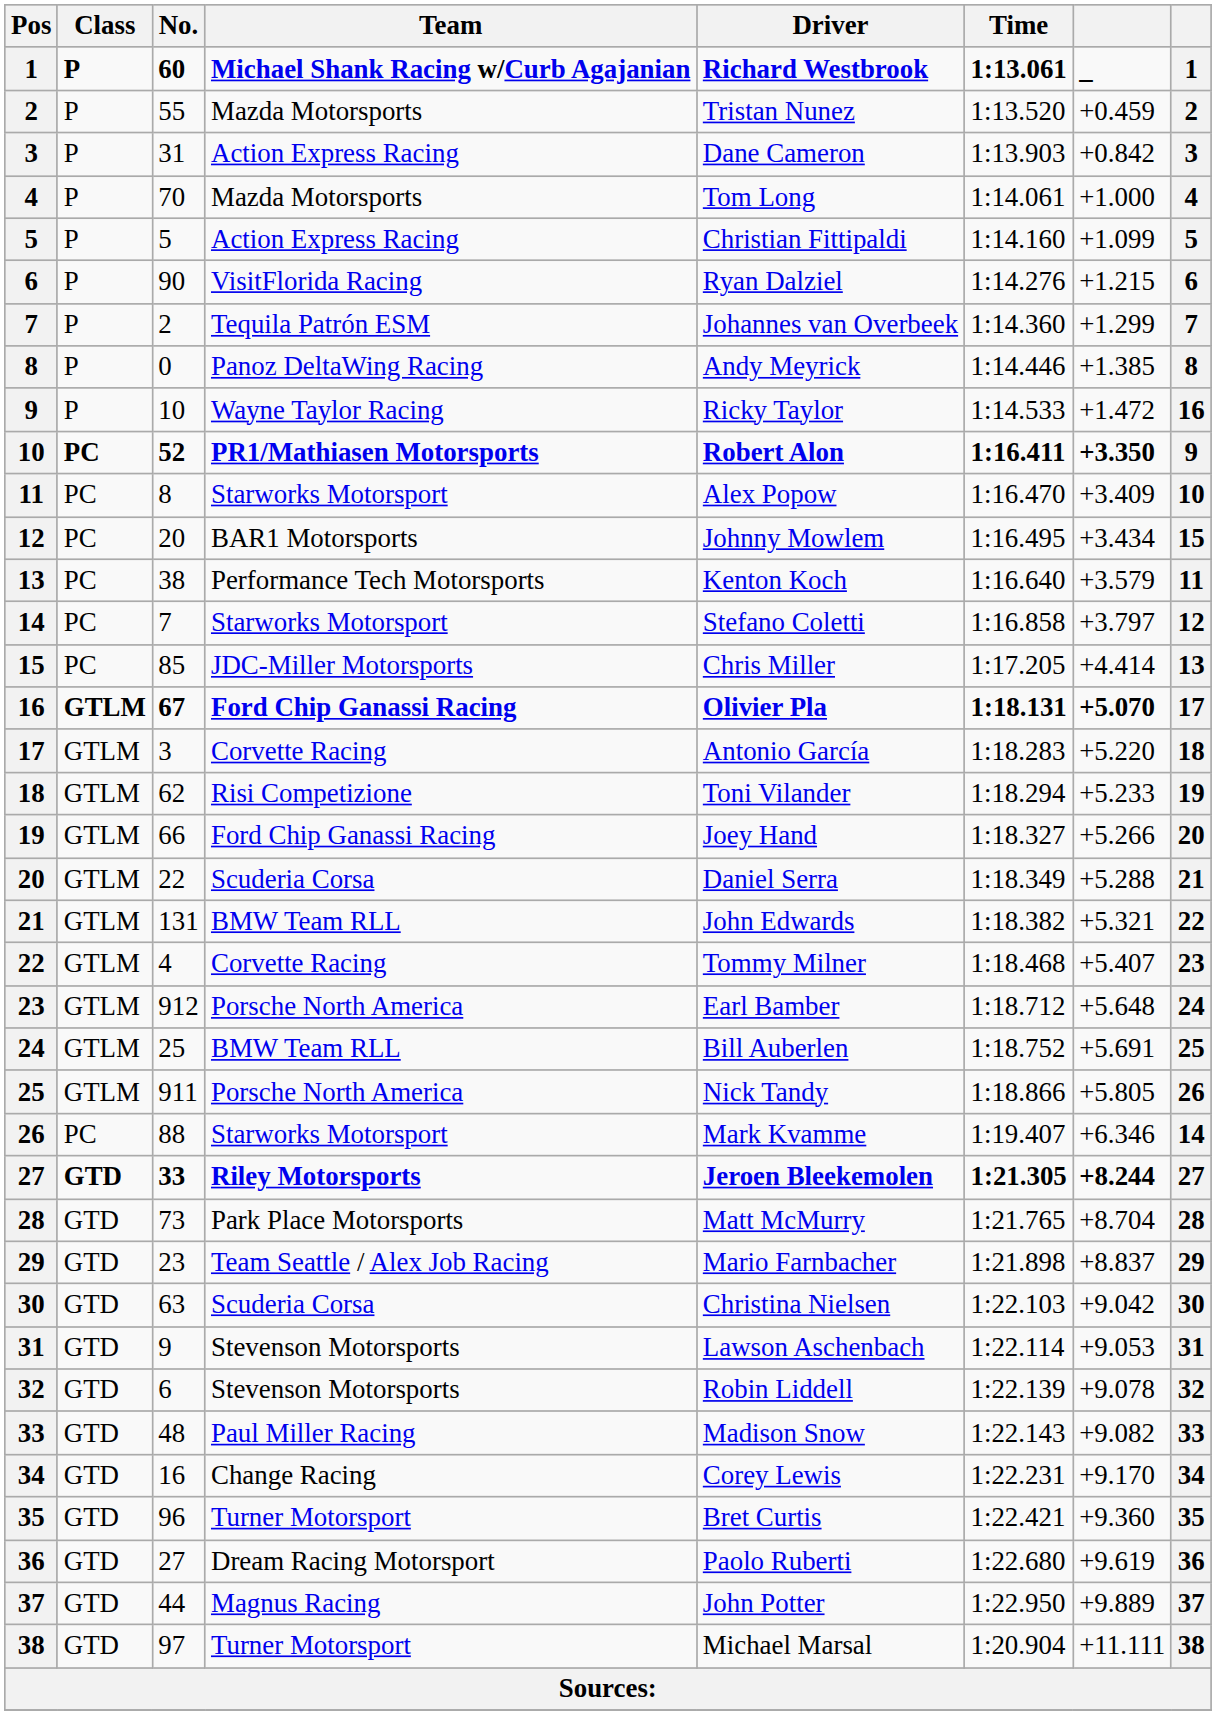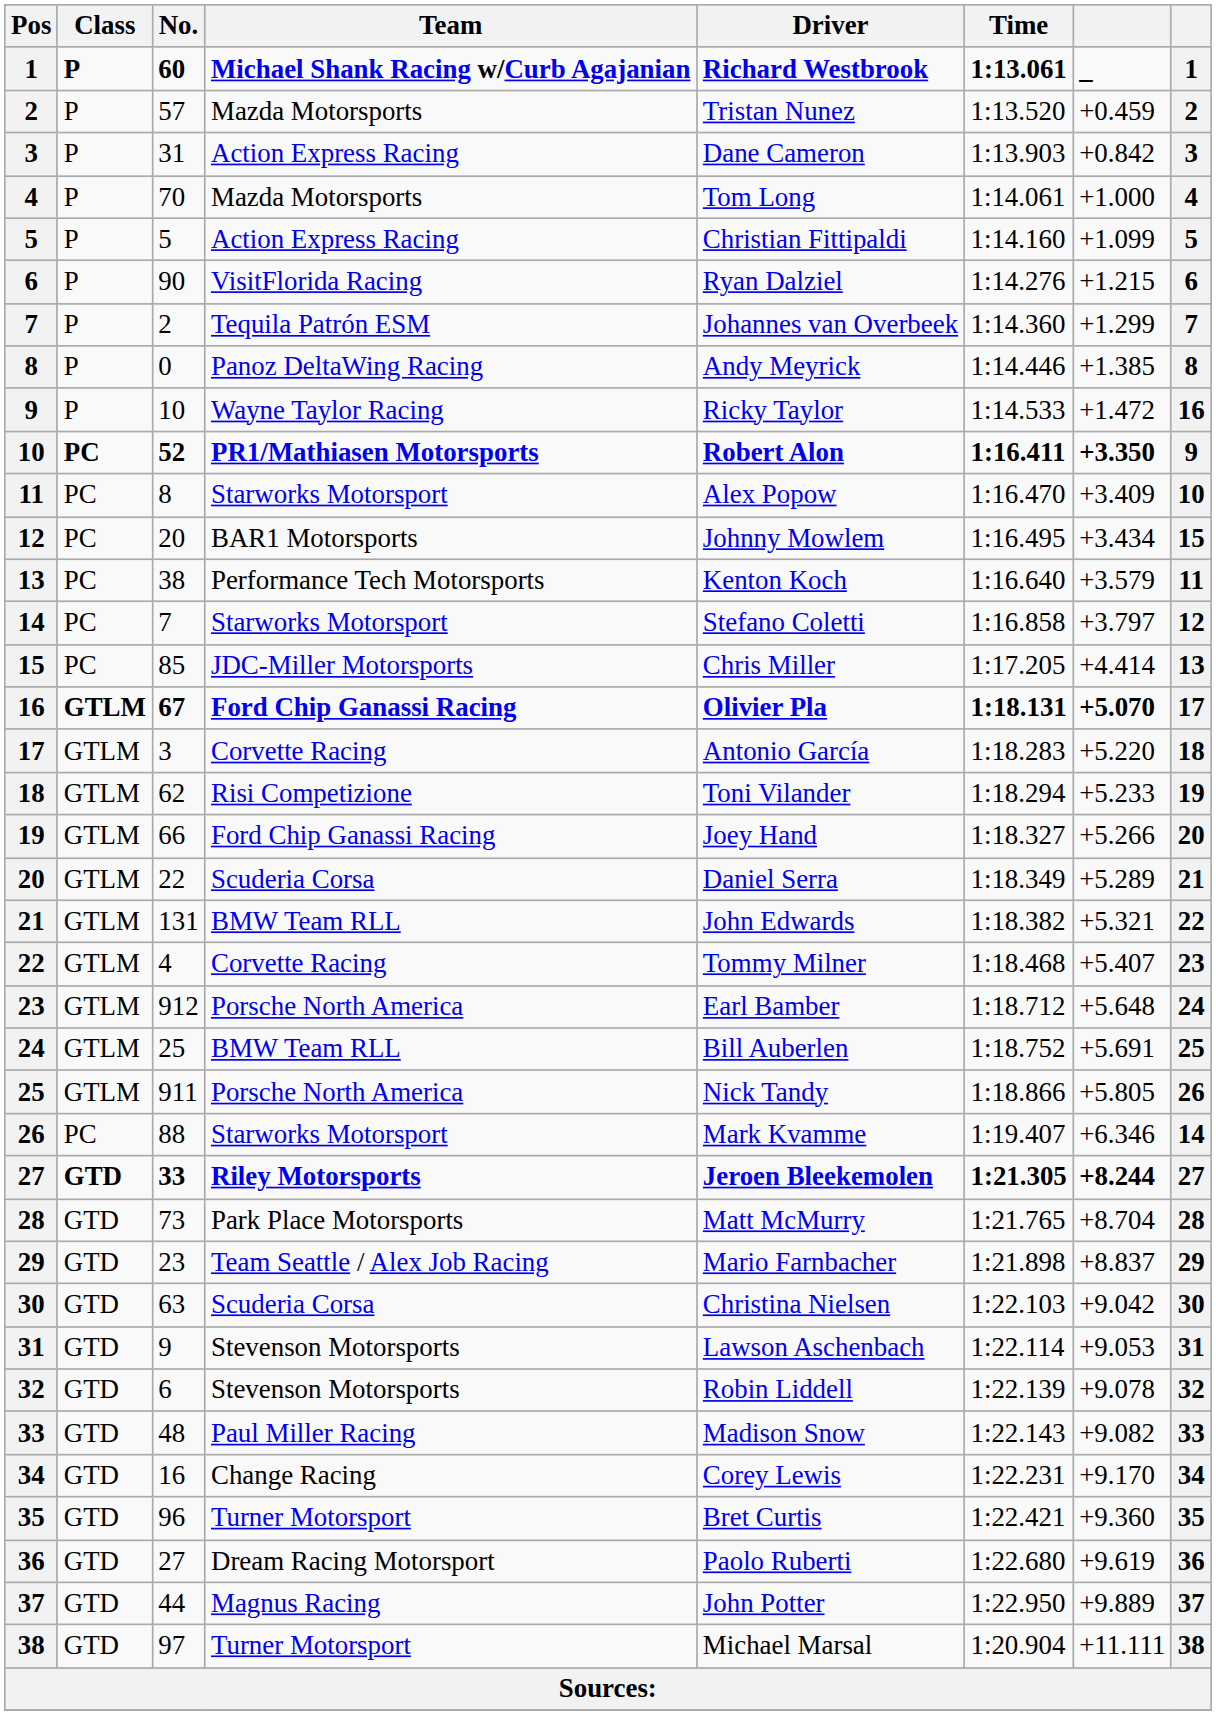 <table class="wikitable">
 <tr>
 <th><strong>Pos</strong></th>
 <th>Class</th>
 <th>No.</th>
 <th>Team</th>
 <th>Driver</th>
 <th>Time</th>
 <th scope="col"></th>
 <th scope="col"></th>
 </tr>
 <tr>
 <th><strong>1</strong></th>
 <td><strong>P</strong></td>
 <td><strong>60</strong></td>
 <td> <strong><a href='#'>Michael Shank Racing</a> w/<a href='#'>Curb Agajanian</a></strong></td>
 <td> <strong><a href='#'>Richard Westbrook</a></strong></td>
 <td><strong>1:13.061</strong></td>
 <td><strong>_</strong></td>
 <th>1</th>
 </tr>
 <tr>
 <th>2</th>
 <td>P</td>
-<td>55</td>
+<td>57</td>
 <td> Mazda Motorsports</td>
 <td> <a href='#'>Tristan Nunez</a></td>
 <td>1:13.520</td>
 <td>+0.459</td>
 <th>2</th>
 </tr>
 <tr>
 <th>3</th>
 <td>P</td>
 <td>31</td>
 <td> <a href='#'>Action Express Racing</a></td>
 <td> <a href='#'>Dane Cameron</a></td>
 <td>1:13.903</td>
 <td>+0.842</td>
 <th>3</th>
 </tr>
 <tr>
 <th>4</th>
 <td>P</td>
 <td>70</td>
 <td> Mazda Motorsports</td>
 <td> <a href='#'>Tom Long</a></td>
 <td>1:14.061</td>
 <td>+1.000</td>
 <th>4</th>
 </tr>
 <tr>
 <th>5</th>
 <td>P</td>
 <td>5</td>
 <td> <a href='#'>Action Express Racing</a></td>
 <td> <a href='#'>Christian Fittipaldi</a></td>
 <td>1:14.160</td>
 <td>+1.099</td>
 <th>5</th>
 </tr>
 <tr>
 <th>6</th>
 <td>P</td>
 <td>90</td>
 <td> <a href='#'>VisitFlorida Racing</a></td>
 <td> <a href='#'>Ryan Dalziel</a></td>
 <td>1:14.276</td>
 <td>+1.215</td>
 <th>6</th>
 </tr>
 <tr>
 <th>7</th>
 <td>P</td>
 <td>2</td>
 <td> <a href='#'>Tequila Patrón ESM</a></td>
 <td> <a href='#'>Johannes van Overbeek</a></td>
 <td>1:14.360</td>
 <td>+1.299</td>
 <th>7</th>
 </tr>
 <tr>
 <th>8</th>
 <td>P</td>
 <td>0</td>
 <td> <a href='#'>Panoz DeltaWing Racing</a></td>
 <td> <a href='#'>Andy Meyrick</a></td>
 <td>1:14.446</td>
 <td>+1.385</td>
 <th>8</th>
 </tr>
 <tr>
 <th>9</th>
 <td>P</td>
 <td>10</td>
 <td> <a href='#'>Wayne Taylor Racing</a></td>
 <td> <a href='#'>Ricky Taylor</a></td>
 <td>1:14.533</td>
 <td>+1.472</td>
 <th>16</th>
 </tr>
 <tr>
 <th>10</th>
 <td><strong>PC</strong></td>
 <td><strong>52</strong></td>
 <td> <strong><a href='#'>PR1/Mathiasen Motorsports</a></strong></td>
 <td> <strong><a href='#'>Robert Alon</a></strong></td>
 <td><strong>1:16.411</strong></td>
 <td><strong>+3.350</strong></td>
 <th>9</th>
 </tr>
 <tr>
 <th>11</th>
 <td>PC</td>
 <td>8</td>
 <td> <a href='#'>Starworks Motorsport</a></td>
 <td> <a href='#'>Alex Popow</a></td>
 <td>1:16.470</td>
 <td>+3.409</td>
 <th>10</th>
 </tr>
 <tr>
 <th>12</th>
 <td>PC</td>
 <td>20</td>
 <td> BAR1 Motorsports</td>
 <td> <a href='#'>Johnny Mowlem</a></td>
 <td>1:16.495</td>
 <td>+3.434</td>
 <th>15</th>
 </tr>
 <tr>
 <th>13</th>
 <td>PC</td>
 <td>38</td>
 <td> Performance Tech Motorsports</td>
 <td> <a href='#'>Kenton Koch</a></td>
 <td>1:16.640</td>
 <td>+3.579</td>
 <th>11</th>
 </tr>
 <tr>
 <th>14</th>
 <td>PC</td>
 <td>7</td>
 <td> <a href='#'>Starworks Motorsport</a></td>
 <td> <a href='#'>Stefano Coletti</a></td>
 <td>1:16.858</td>
 <td>+3.797</td>
 <th>12</th>
 </tr>
 <tr>
 <th>15</th>
 <td>PC</td>
 <td>85</td>
 <td> <a href='#'>JDC-Miller Motorsports</a></td>
 <td> <a href='#'>Chris Miller</a></td>
 <td>1:17.205</td>
 <td>+4.414</td>
 <th>13</th>
 </tr>
 <tr>
 <th><strong>16</strong></th>
 <td><strong>GTLM</strong></td>
 <td><strong>67</strong></td>
 <td> <strong><a href='#'>Ford Chip Ganassi Racing</a></strong></td>
 <td><strong> <a href='#'>Olivier Pla</a></strong></td>
 <td><strong>1:18.131</strong></td>
 <td><strong>+5.070</strong></td>
 <th>17</th>
 </tr>
 <tr>
 <th>17</th>
 <td>GTLM</td>
 <td>3</td>
 <td> <a href='#'>Corvette Racing</a></td>
 <td> <a href='#'>Antonio García</a></td>
 <td>1:18.283</td>
 <td>+5.220</td>
 <th>18</th>
 </tr>
 <tr>
 <th>18</th>
 <td>GTLM</td>
 <td>62</td>
 <td> <a href='#'>Risi Competizione</a></td>
 <td> <a href='#'>Toni Vilander</a></td>
 <td>1:18.294</td>
 <td>+5.233</td>
 <th>19</th>
 </tr>
 <tr>
 <th>19</th>
 <td>GTLM</td>
 <td>66</td>
 <td> <a href='#'>Ford Chip Ganassi Racing</a></td>
 <td> <a href='#'>Joey Hand</a></td>
 <td>1:18.327</td>
 <td>+5.266</td>
 <th>20</th>
 </tr>
 <tr>
 <th>20</th>
 <td>GTLM</td>
 <td>22</td>
 <td> <a href='#'>Scuderia Corsa</a></td>
 <td> <a href='#'>Daniel Serra</a></td>
 <td>1:18.349</td>
-<td>+5.288</td>
+<td>+5.289</td>
 <th>21</th>
 </tr>
 <tr>
 <th>21</th>
 <td>GTLM</td>
 <td>131</td>
 <td> <a href='#'>BMW Team RLL</a></td>
 <td> <a href='#'>John Edwards</a></td>
 <td>1:18.382</td>
 <td>+5.321</td>
 <th>22</th>
 </tr>
 <tr>
 <th>22</th>
 <td>GTLM</td>
 <td>4</td>
 <td> <a href='#'>Corvette Racing</a></td>
 <td> <a href='#'>Tommy Milner</a></td>
 <td>1:18.468</td>
 <td>+5.407</td>
 <th>23</th>
 </tr>
 <tr>
 <th>23</th>
 <td>GTLM</td>
 <td>912</td>
 <td> <a href='#'>Porsche North America</a></td>
 <td> <a href='#'>Earl Bamber</a></td>
 <td>1:18.712</td>
 <td>+5.648</td>
 <th>24</th>
 </tr>
 <tr>
 <th>24</th>
 <td>GTLM</td>
 <td>25</td>
 <td> <a href='#'>BMW Team RLL</a></td>
 <td> <a href='#'>Bill Auberlen</a></td>
 <td>1:18.752</td>
 <td>+5.691</td>
 <th>25</th>
 </tr>
 <tr>
 <th>25</th>
 <td>GTLM</td>
 <td>911</td>
 <td> <a href='#'>Porsche North America</a></td>
 <td> <a href='#'>Nick Tandy</a></td>
 <td>1:18.866</td>
 <td>+5.805</td>
 <th>26</th>
 </tr>
 <tr>
 <th>26</th>
 <td>PC</td>
 <td>88</td>
 <td> <a href='#'>Starworks Motorsport</a></td>
 <td> <a href='#'>Mark Kvamme</a></td>
 <td>1:19.407</td>
 <td>+6.346</td>
 <th>14</th>
 </tr>
 <tr>
 <th><strong>27</strong></th>
 <td><strong>GTD</strong></td>
 <td><strong>33</strong></td>
 <td> <strong><a href='#'>Riley Motorsports</a></strong></td>
 <td> <strong><a href='#'>Jeroen Bleekemolen</a></strong></td>
 <td><strong>1:21.305</strong></td>
 <td><strong>+8.244</strong></td>
 <th>27</th>
 </tr>
 <tr>
 <th>28</th>
 <td>GTD</td>
 <td>73</td>
 <td> Park Place Motorsports</td>
 <td> <a href='#'>Matt McMurry</a></td>
 <td>1:21.765</td>
 <td>+8.704</td>
 <th>28</th>
 </tr>
 <tr>
 <th>29</th>
 <td>GTD</td>
 <td>23</td>
 <td> <a href='#'>Team Seattle</a> / <a href='#'>Alex Job Racing</a></td>
 <td> <a href='#'>Mario Farnbacher</a></td>
 <td>1:21.898</td>
 <td>+8.837</td>
 <th>29</th>
 </tr>
 <tr>
 <th>30</th>
 <td>GTD</td>
 <td>63</td>
 <td> <a href='#'>Scuderia Corsa</a></td>
 <td> <a href='#'>Christina Nielsen</a></td>
 <td>1:22.103</td>
 <td>+9.042</td>
 <th>30</th>
 </tr>
 <tr>
 <th>31</th>
 <td>GTD</td>
 <td>9</td>
 <td> Stevenson Motorsports</td>
 <td> <a href='#'>Lawson Aschenbach</a></td>
 <td>1:22.114</td>
 <td>+9.053</td>
 <th>31</th>
 </tr>
 <tr>
 <th>32</th>
 <td>GTD</td>
 <td>6</td>
 <td> Stevenson Motorsports</td>
 <td> <a href='#'>Robin Liddell</a></td>
 <td>1:22.139</td>
 <td>+9.078</td>
 <th>32</th>
 </tr>
 <tr>
 <th>33</th>
 <td>GTD</td>
 <td>48</td>
 <td> <a href='#'>Paul Miller Racing</a></td>
 <td> <a href='#'>Madison Snow</a></td>
 <td>1:22.143</td>
 <td>+9.082</td>
 <th>33</th>
 </tr>
 <tr>
 <th>34</th>
 <td>GTD</td>
 <td>16</td>
 <td> Change Racing</td>
 <td> <a href='#'>Corey Lewis</a></td>
 <td>1:22.231</td>
 <td>+9.170</td>
 <th>34</th>
 </tr>
 <tr>
 <th>35</th>
 <td>GTD</td>
 <td>96</td>
 <td> <a href='#'>Turner Motorsport</a></td>
 <td> <a href='#'>Bret Curtis</a></td>
 <td>1:22.421</td>
 <td>+9.360</td>
 <th>35</th>
 </tr>
 <tr>
 <th>36</th>
 <td>GTD</td>
 <td>27</td>
 <td> Dream Racing Motorsport</td>
 <td> <a href='#'>Paolo Ruberti</a></td>
 <td>1:22.680</td>
 <td>+9.619</td>
 <th>36</th>
 </tr>
 <tr>
 <th>37</th>
 <td>GTD</td>
 <td>44</td>
 <td> <a href='#'>Magnus Racing</a></td>
 <td> <a href='#'>John Potter</a></td>
 <td>1:22.950</td>
 <td>+9.889</td>
 <th>37</th>
 </tr>
 <tr>
 <th>38</th>
 <td>GTD</td>
 <td>97</td>
 <td> <a href='#'>Turner Motorsport</a></td>
 <td> Michael Marsal</td>
 <td>1:20.904</td>
 <td>+11.111</td>
 <th>38</th>
 </tr>
 <tr>
 <th colspan="8">Sources:</th>
 </tr>
 <tr>
 </tr>
 </table>
